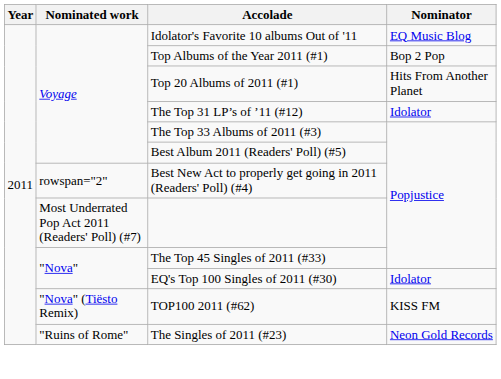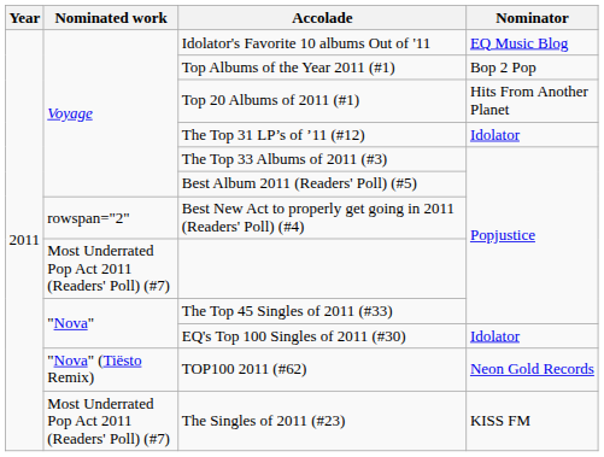 <table class="wikitable">
 <tr>
 <th>Year</th>
 <th width="150">Nominated work</th>
 <th width="385">Accolade</th>
 <th width="150">Nominator</th>
 </tr>
 <tr>
 <td align="center" rowspan="12">2011</td>
 <td rowspan="6"><em><a href='#'>Voyage</a></em></td>
 <td>Idolator's Favorite 10 albums Out of '11</td>
 <td><a href='#'>EQ Music Blog</a></td>
 </tr>
 <tr>
 <td>Top Albums of the Year 2011 (#1)</td>
 <td>Bop 2 Pop</td>
 </tr>
 <tr>
 <td>Top 20 Albums of 2011 (#1)</td>
 <td>Hits From Another Planet</td>
 </tr>
 <tr>
 <td>The Top 31 LP’s of ’11 (#12)</td>
 <td><a href='#'>Idolator</a></td>
 </tr>
 <tr>
 <td>The Top 33 Albums of 2011 (#3)</td>
 <td rowspan="5"><a href='#'>Popjustice</a></td>
 </tr>
 <tr>
 <td>Best Album 2011 (Readers' Poll) (#5)</td>
 </tr>
 <tr>
 <td>rowspan="2" </td>
 <td>Best New Act to properly get going in 2011 (Readers' Poll) (#4)</td>
 </tr>
 <tr>
 <td>Most Underrated Pop Act 2011 (Readers' Poll) (#7)</td>
 </tr>
 <tr>
 <td rowspan="2">"<a href='#'>Nova</a>"</td>
 <td>The Top 45 Singles of 2011 (#33)</td>
 </tr>
 <tr>
 <td>EQ's Top 100 Singles of 2011 (#30)</td>
 <td><a href='#'>Idolator</a></td>
 </tr>
 <tr>
 <td>"<a href='#'>Nova</a>" (<a href='#'>Tiësto</a> Remix)</td>
 <td>TOP100 2011 (#62)</td>
+<td><a href='#'>Neon Gold Records</a></td>
+</tr>
+<tr>
+<td>Most Underrated Pop Act 2011 (Readers' Poll) (#7)</td>
+<td>The Singles of 2011 (#23)</td>
 <td>KISS FM</td>
 </tr>
-<tr>
-<td>"Ruins of Rome"</td>
-<td>The Singles of 2011 (#23)</td>
-<td><a href='#'>Neon Gold Records</a></td>
-</tr>
 </table>
